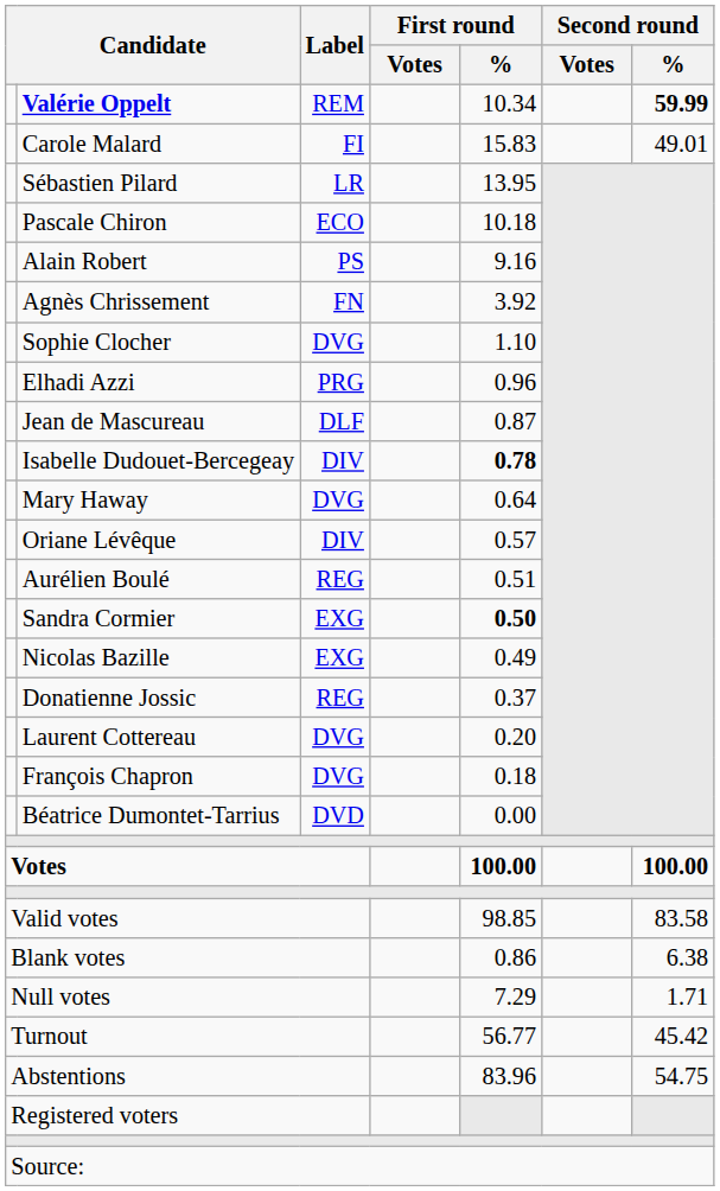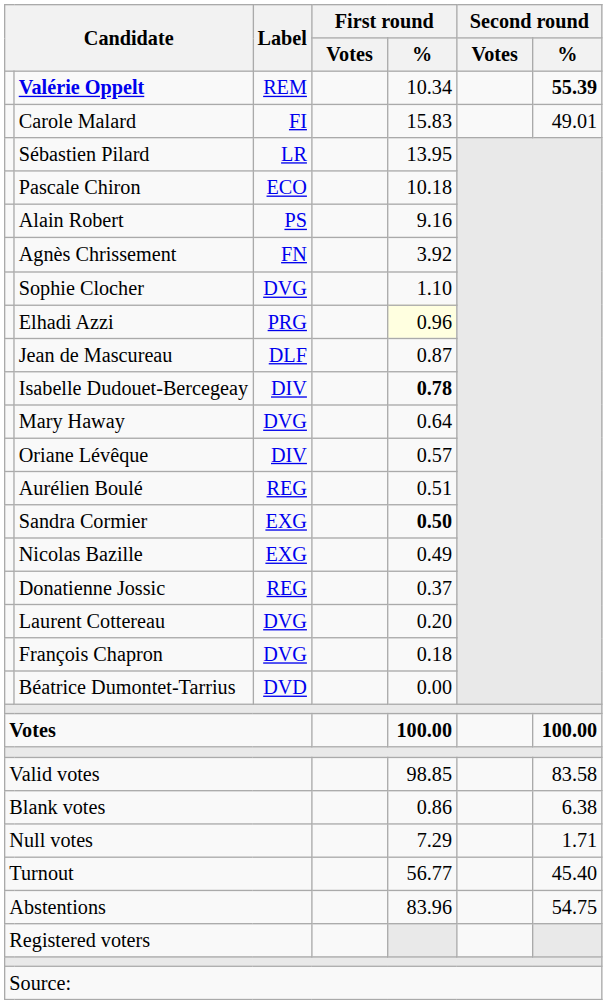 <table class="wikitable" style="text-align:right;font-size:95%;">
 <tr>
 <th rowspan="2" colspan="2">Candidate</th>
 <th rowspan="2">Label</th>
 <th colspan="2">First round</th>
 <th colspan="2">Second round</th>
 </tr>
 <tr>
 <th style="width:50px;">Votes</th>
 <th style="width:45px;">%</th>
 <th style="width:50px;">Votes</th>
 <th style="width:45px;">%</th>
 </tr>
 <tr>
 <td style="color:inherit;background:"></td>
 <td style="text-align:left;"><strong><a href='#'>Valérie Oppelt</a></strong></td>
 <td><a href='#'>REM</a></td>
 <td></td>
 <td>10.34</td>
 <td><strong></strong></td>
-<td><strong>59.99</strong></td>
+<td><strong>55.39</strong></td>
 </tr>
 <tr>
 <td style="color:inherit;background:"></td>
 <td style="text-align:left;">Carole Malard</td>
 <td><a href='#'>FI</a></td>
 <td></td>
 <td>15.83</td>
 <td></td>
 <td>49.01</td>
 </tr>
 <tr>
 <td style="color:inherit;background:"></td>
 <td style="text-align:left;">Sébastien Pilard</td>
 <td><a href='#'>LR</a></td>
 <td></td>
 <td>13.95</td>
 <td colspan="2" rowspan="17" style="background:#E9E9E9;"></td>
 </tr>
 <tr>
 <td style="color:inherit;background:"></td>
 <td style="text-align:left;">Pascale Chiron</td>
 <td><a href='#'>ECO</a></td>
 <td></td>
 <td>10.18</td>
 </tr>
 <tr>
 <td style="color:inherit;background:"></td>
 <td style="text-align:left;">Alain Robert</td>
 <td><a href='#'>PS</a></td>
 <td></td>
 <td>9.16</td>
 </tr>
 <tr>
 <td style="color:inherit;background:"></td>
 <td style="text-align:left;">Agnès Chrissement</td>
 <td><a href='#'>FN</a></td>
 <td></td>
 <td>3.92</td>
 </tr>
 <tr>
 <td style="color:inherit;background:"></td>
 <td style="text-align:left;">Sophie Clocher</td>
 <td><a href='#'>DVG</a></td>
 <td></td>
 <td>1.10</td>
 </tr>
 <tr>
 <td style="color:inherit;background:"></td>
 <td style="text-align:left;">Elhadi Azzi</td>
 <td><a href='#'>PRG</a></td>
 <td></td>
-<td>0.96</td>
+<td style="background: lightyellow;">0.96</td>
 </tr>
 <tr>
 <td style="color:inherit;background:"></td>
 <td style="text-align:left;">Jean de Mascureau</td>
 <td><a href='#'>DLF</a></td>
 <td></td>
 <td>0.87</td>
 </tr>
 <tr>
 <td style="color:inherit;background:"></td>
 <td style="text-align:left;">Isabelle Dudouet-Bercegeay</td>
 <td><a href='#'>DIV</a></td>
 <td></td>
 <td><strong>0.78</strong></td>
 </tr>
 <tr>
 <td style="color:inherit;background:"></td>
 <td style="text-align:left;">Mary Haway</td>
 <td><a href='#'>DVG</a></td>
 <td></td>
 <td>0.64</td>
 </tr>
 <tr>
 <td style="color:inherit;background:"></td>
 <td style="text-align:left;">Oriane Lévêque</td>
 <td><a href='#'>DIV</a></td>
 <td></td>
 <td>0.57</td>
 </tr>
 <tr>
 <td style="color:inherit;background:"></td>
 <td style="text-align:left;">Aurélien Boulé</td>
 <td><a href='#'>REG</a></td>
 <td></td>
 <td>0.51</td>
 </tr>
 <tr>
 <td style="color:inherit;background:"></td>
 <td style="text-align:left;">Sandra Cormier</td>
 <td><a href='#'>EXG</a></td>
 <td></td>
 <td><strong>0.50</strong></td>
 </tr>
 <tr>
 <td style="color:inherit;background:"></td>
 <td style="text-align:left;">Nicolas Bazille</td>
 <td><a href='#'>EXG</a></td>
 <td></td>
 <td>0.49</td>
 </tr>
 <tr>
 <td style="color:inherit;background:"></td>
 <td style="text-align:left;">Donatienne Jossic</td>
 <td><a href='#'>REG</a></td>
 <td></td>
 <td>0.37</td>
 </tr>
 <tr>
 <td style="color:inherit;background:"></td>
 <td style="text-align:left;">Laurent Cottereau</td>
 <td><a href='#'>DVG</a></td>
 <td></td>
 <td>0.20</td>
 </tr>
 <tr>
 <td style="color:inherit;background:"></td>
 <td style="text-align:left;">François Chapron</td>
 <td><a href='#'>DVG</a></td>
 <td></td>
 <td>0.18</td>
 </tr>
 <tr>
 <td style="color:inherit;background:"></td>
 <td style="text-align:left;">Béatrice Dumontet-Tarrius</td>
 <td><a href='#'>DVD</a></td>
 <td></td>
 <td>0.00</td>
 </tr>
 <tr>
 <td colspan="7" style="background:#E9E9E9;"></td>
 </tr>
 <tr style="font-weight:bold;">
 <td colspan="3" style="text-align:left;">Votes</td>
 <td></td>
 <td>100.00</td>
 <td></td>
 <td>100.00</td>
 </tr>
 <tr>
 <td colspan="7" style="background:#E9E9E9;"></td>
 </tr>
 <tr>
 <td colspan="3" style="text-align:left;">Valid votes</td>
 <td></td>
 <td>98.85</td>
 <td></td>
 <td>83.58</td>
 </tr>
 <tr>
 <td colspan="3" style="text-align:left;">Blank votes</td>
 <td></td>
 <td>0.86</td>
 <td></td>
 <td>6.38</td>
 </tr>
 <tr>
 <td colspan="3" style="text-align:left;">Null votes</td>
 <td></td>
 <td>7.29</td>
 <td></td>
 <td>1.71</td>
 </tr>
 <tr>
 <td colspan="3" style="text-align:left;">Turnout</td>
 <td></td>
 <td>56.77</td>
 <td></td>
-<td>45.42</td>
+<td>45.40</td>
 </tr>
 <tr>
 <td colspan="3" style="text-align:left;">Abstentions</td>
 <td></td>
 <td>83.96</td>
 <td></td>
 <td>54.75</td>
 </tr>
 <tr>
 <td colspan="3" style="text-align:left;">Registered voters</td>
 <td></td>
 <td style="color:inherit;background:#E9E9E9;"></td>
 <td></td>
 <td style="color:inherit;background:#E9E9E9;"></td>
 </tr>
 <tr>
 <td colspan="7" style="background:#E9E9E9;"></td>
 </tr>
 <tr>
 <td colspan="7" style="text-align:left;">Source: </td>
 </tr>
 </table>
